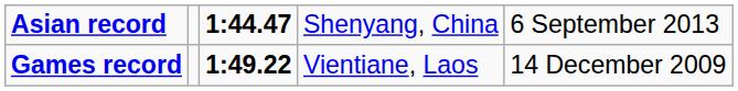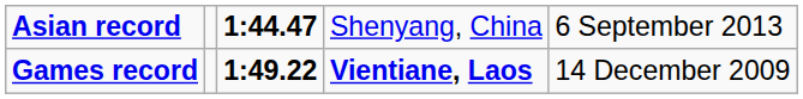 <table class="wikitable">
 <tr>
 <td><strong><a href='#'>Asian record</a></strong></td>
 <td></td>
 <td><strong>1:44.47</strong></td>
 <td><a href='#'>Shenyang</a>, <a href='#'>China</a></td>
 <td>6 September 2013</td>
 </tr>
 <tr>
 <td><strong><a href='#'>Games record</a></strong></td>
 <td></td>
 <td><strong>1:49.22</strong></td>
-<td><a href='#'>Vientiane</a>, <a href='#'>Laos</a></td>
+<td><strong><a href='#'>Vientiane</a>, <a href='#'>Laos</a></strong></td>
 <td>14 December 2009</td>
 </tr>
 </table>
